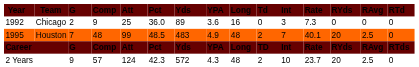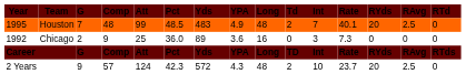 <table cellpadding="2" cellspacing="0" style="font-family:Arial, Helvetica, sans-serif; font-size: 12px">
 <tr bgcolor="#660000">
 <td width="40" nowrap="nowrap"><span><strong> Year</strong></span></td>
 <td width="40" nowrap="nowrap"><span><strong>  Team</strong></span></td>
 <td width="30" nowrap="nowrap"><div><span><strong>G</strong></span></div></td>
 <td width="38" nowrap="nowrap"><div><span><strong>Comp</strong></span></div></td>
 <td width="35" nowrap="nowrap"><div><span><strong>Att</strong></span></div></td>
 <td width="35" nowrap="nowrap"><div><span><strong>Pct</strong></span></div></td>
 <td width="42" nowrap="nowrap"><div><span><strong>Yds</strong></span></div></td>
 <td width="30" nowrap="nowrap"><div><span><strong>YPA</strong></span></div></td>
 <td width="35" nowrap="nowrap"><div><span><strong>Long</strong></span></div></td>
 <td width="30" nowrap="nowrap"><div><span><strong>Td</strong></span></div></td>
 <td width="30" nowrap="nowrap"><div><span><strong>Int</strong></span></div></td>
 <td width="35" nowrap="nowrap"><div><span><strong>Rate</strong></span></div></td>
 <td width="40" nowrap="nowrap"><div><span><strong>RYds</strong></span></div></td>
 <td width="35" nowrap="nowrap"><div><span><strong>RAvg</strong></span></div></td>
 <td width="35" nowrap="nowrap"><div><span><strong>RTd</strong></span></div></td>
 </tr>
 <tr>
+<td nowrap="nowrap" bgcolor="#ff6600">1995</td>
+<td nowrap="nowrap" bgcolor="#ff6600">Houston</td>
+<td nowrap="nowrap" bgcolor="#ff6600"><div>7</div></td>
+<td nowrap="nowrap" bgcolor="#ff6600"><div>48</div></td>
+<td nowrap="nowrap" bgcolor="#ff6600"><div>99</div></td>
+<td nowrap="nowrap" bgcolor="#ff6600"><div>48.5</div></td>
+<td nowrap="nowrap" bgcolor="#ff6600"><div>483</div></td>
+<td nowrap="nowrap" bgcolor="#ff6600"><div>4.9</div></td>
+<td nowrap="nowrap" bgcolor="#ff6600"><div>48</div></td>
+<td nowrap="nowrap" bgcolor="#ff6600"><div>2</div></td>
+<td nowrap="nowrap" bgcolor="#ff6600"><div>7</div></td>
+<td nowrap="nowrap" bgcolor="#ff6600"><div>40.1</div></td>
+<td nowrap="nowrap" bgcolor="#ff6600"><div>20</div></td>
+<td nowrap="nowrap" bgcolor="#ff6600"><div>2.5</div></td>
+<td nowrap="nowrap" bgcolor="#ff6600"><div>0</div></td>
+</tr>
+<tr>
 <td nowrap="nowrap">1992</td>
 <td nowrap="nowrap">Chicago</td>
 <td nowrap="nowrap"><div>2</div></td>
 <td nowrap="nowrap"><div>9</div></td>
 <td nowrap="nowrap"><div>25</div></td>
 <td nowrap="nowrap"><div>36.0</div></td>
 <td nowrap="nowrap"><div>89</div></td>
 <td nowrap="nowrap"><div>3.6</div></td>
 <td nowrap="nowrap"><div>16</div></td>
 <td nowrap="nowrap"><div>0</div></td>
 <td nowrap="nowrap"><div>3</div></td>
 <td nowrap="nowrap"><div>7.3</div></td>
 <td nowrap="nowrap"><div>0</div></td>
 <td nowrap="nowrap"><div>0</div></td>
 <td nowrap="nowrap"><div>0</div></td>
-</tr>
-<tr>
-<td nowrap="nowrap" bgcolor="#ff6600">1995</td>
-<td nowrap="nowrap" bgcolor="#ff6600">Houston</td>
-<td nowrap="nowrap" bgcolor="#ff6600"><div>7</div></td>
-<td nowrap="nowrap" bgcolor="#ff6600"><div>48</div></td>
-<td nowrap="nowrap" bgcolor="#ff6600"><div>99</div></td>
-<td nowrap="nowrap" bgcolor="#ff6600"><div>48.5</div></td>
-<td nowrap="nowrap" bgcolor="#ff6600"><div>483</div></td>
-<td nowrap="nowrap" bgcolor="#ff6600"><div>4.9</div></td>
-<td nowrap="nowrap" bgcolor="#ff6600"><div>48</div></td>
-<td nowrap="nowrap" bgcolor="#ff6600"><div>2</div></td>
-<td nowrap="nowrap" bgcolor="#ff6600"><div>7</div></td>
-<td nowrap="nowrap" bgcolor="#ff6600"><div>40.1</div></td>
-<td nowrap="nowrap" bgcolor="#ff6600"><div>20</div></td>
-<td nowrap="nowrap" bgcolor="#ff6600"><div>2.5</div></td>
-<td nowrap="nowrap" bgcolor="#ff6600"><div>0</div></td>
 </tr>
 <tr bgcolor="#660000" style="border-bottom:#000000 solid 1px">
 <td colspan="2" nowrap="nowrap"><span><strong>Career</strong></span></td>
 <td nowrap="nowrap"><div><span><strong>G</strong></span></div></td>
 <td nowrap="nowrap"><div><span><strong>Comp</strong></span></div></td>
 <td nowrap="nowrap"><div><span><strong>Att</strong></span></div></td>
 <td nowrap="nowrap"><div><span><strong>Pct</strong></span></div></td>
 <td nowrap="nowrap"><div><span><strong>Yds</strong></span></div></td>
 <td nowrap="nowrap"><div><span><strong>YPA</strong></span></div></td>
 <td nowrap="nowrap"><div><span><strong>Long</strong></span></div></td>
 <td nowrap="nowrap"><div><span><strong>TD</strong></span></div></td>
 <td nowrap="nowrap"><div><span><strong>Int</strong></span></div></td>
 <td nowrap="nowrap"><div><span><strong>Rate</strong></span></div></td>
 <td nowrap="nowrap"><div><span><strong>RYds</strong></span></div></td>
 <td nowrap="nowrap"><div><span><strong>RAvg</strong></span></div></td>
 <td nowrap="nowrap"><div><span><strong>RTds</strong></span></div></td>
 </tr>
 <tr>
 <td colspan="2" nowrap="nowrap">2 Years</td>
 <td nowrap="nowrap"><div>9</div></td>
 <td nowrap="nowrap"><div>57</div></td>
 <td nowrap="nowrap"><div>124</div></td>
 <td nowrap="nowrap"><div>42.3</div></td>
 <td nowrap="nowrap"><div>572</div></td>
 <td nowrap="nowrap"><div>4.3</div></td>
 <td nowrap="nowrap"><div>48</div></td>
 <td nowrap="nowrap"><div>2</div></td>
 <td nowrap="nowrap"><div>10</div></td>
 <td nowrap="nowrap"><div>23.7</div></td>
 <td nowrap="nowrap"><div>20</div></td>
 <td nowrap="nowrap"><div>2.5</div></td>
 <td nowrap="nowrap"><div>0</div></td>
 </tr>
 </table>
